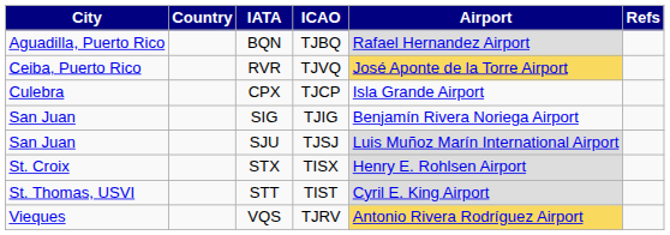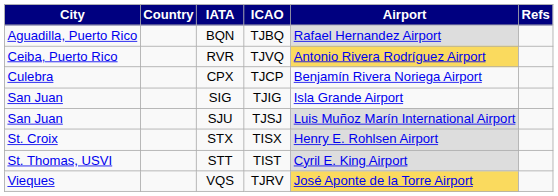 <table class="sortable wikitable toccolours">
 <tr>
 <th style="background:navy; color:white;">City</th>
 <th style="background:navy; color:white;">Country</th>
 <th style="background:navy; color:white; width:50px;">IATA</th>
 <th style="background:navy; color:white; width:50px;">ICAO</th>
 <th style="background:navy; color:white;">Airport</th>
 <th style="background:navy; color:white;" class="unsortable">Refs</th>
 </tr>
 <tr>
 <td><a href='#'>Aguadilla, Puerto Rico</a></td>
 <td></td>
 <td align=center>BQN</td>
 <td align=center>TJBQ</td>
 <td style="background:#ddd;"><a href='#'>Rafael Hernandez Airport</a></td>
 <td></td>
 </tr>
 <tr>
 <td><a href='#'>Ceiba, Puerto Rico</a></td>
 <td></td>
 <td align=center>RVR</td>
 <td align=center>TJVQ</td>
-<td style="background:#fada5e;"><a href='#'>José Aponte de la Torre Airport</a></td>
+<td style="background:#fada5e;"><a href='#'>Antonio Rivera Rodríguez Airport</a></td>
 <td></td>
 </tr>
 <tr>
 <td><a href='#'>Culebra</a></td>
 <td></td>
 <td align=center>CPX</td>
 <td align=center>TJCP</td>
-<td><a href='#'>Isla Grande Airport</a></td>
+<td><a href='#'>Benjamín Rivera Noriega Airport</a></td>
 <td></td>
 </tr>
 <tr>
 <td><a href='#'>San Juan</a></td>
 <td></td>
 <td align=center>SIG</td>
 <td align=center>TJIG</td>
-<td><a href='#'>Benjamín Rivera Noriega Airport</a></td>
+<td><a href='#'>Isla Grande Airport</a></td>
 <td></td>
 </tr>
 <tr>
 <td><a href='#'>San Juan</a></td>
 <td></td>
 <td align=center>SJU</td>
 <td align=center>TJSJ</td>
 <td style="background:#ddd;"><a href='#'>Luis Muñoz Marín International Airport</a></td>
 <td></td>
 </tr>
 <tr>
 <td><a href='#'>St. Croix</a></td>
 <td></td>
 <td align=center>STX</td>
 <td align=center>TISX</td>
 <td style="background:#ddd;"><a href='#'>Henry E. Rohlsen Airport</a></td>
 <td></td>
 </tr>
 <tr>
 <td><a href='#'>St. Thomas, USVI</a></td>
 <td></td>
 <td align=center>STT</td>
 <td align=center>TIST</td>
 <td style="background:#ddd;"><a href='#'>Cyril E. King Airport</a></td>
 <td></td>
 </tr>
 <tr>
 <td><a href='#'>Vieques</a></td>
 <td></td>
 <td align=center>VQS</td>
 <td align=center>TJRV</td>
-<td style="background:#fada5e;"><a href='#'>Antonio Rivera Rodríguez Airport</a></td>
+<td style="background:#fada5e;"><a href='#'>José Aponte de la Torre Airport</a></td>
 <td></td>
 </tr>
 </table>
